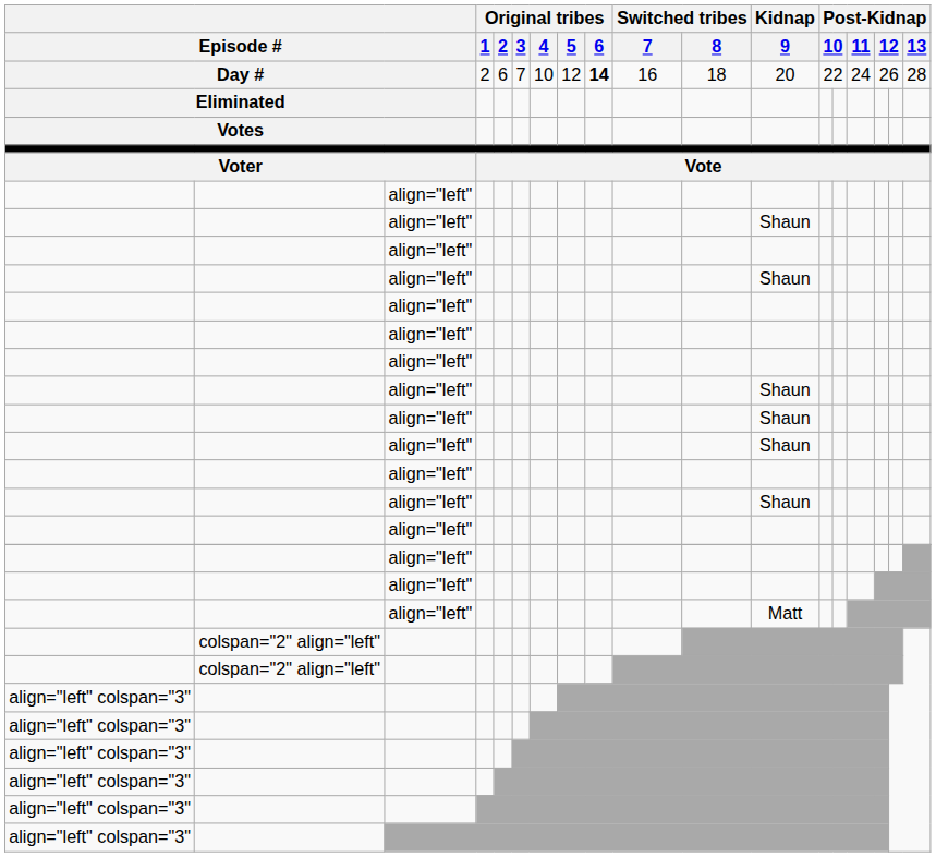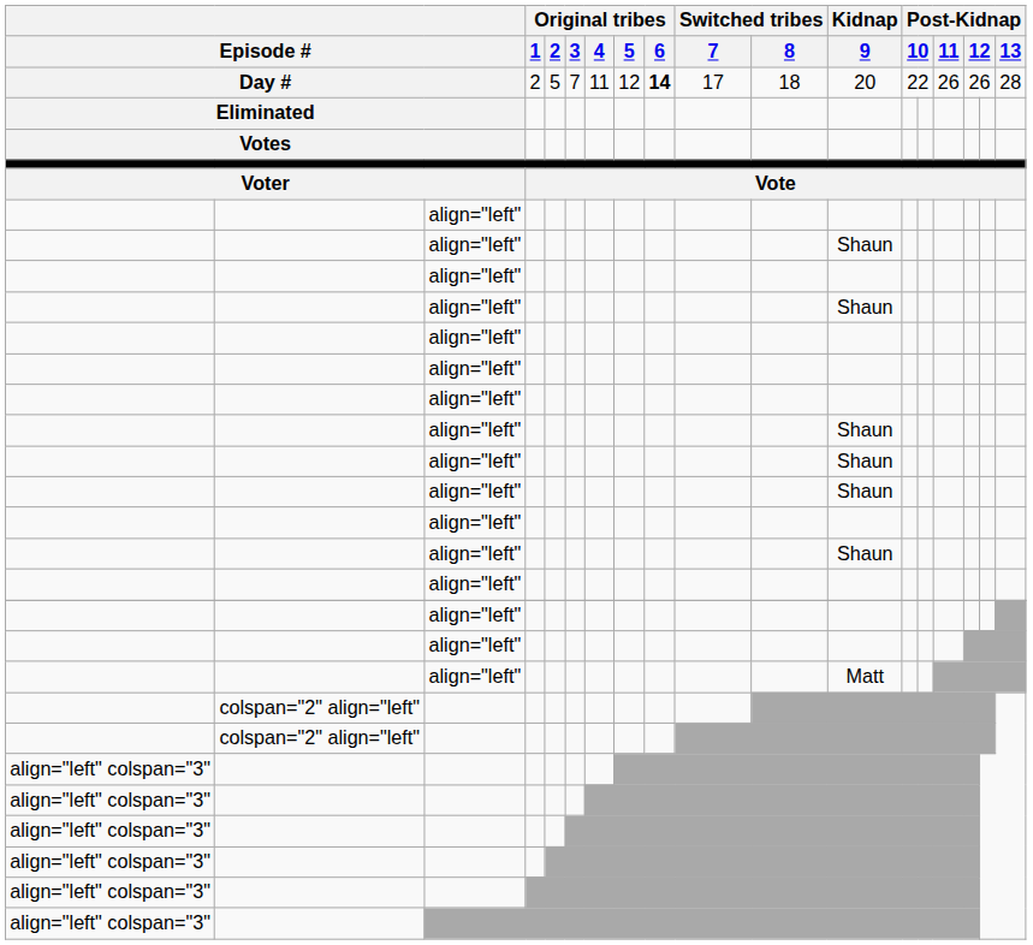 <table class="wikitable nowrap" style="text-align:center;">
 <tr>
 <th colspan="3"></th>
 <th colspan="6">Original tribes</th>
 <th colspan="2">Switched tribes</th>
 <th colspan="1">Kidnap</th>
 <th colspan="6">Post-Kidnap</th>
 </tr>
 <tr>
 <th colspan="3">Episode #</th>
 <th><a href='#'>1</a></th>
 <th><a href='#'>2</a></th>
 <th><a href='#'>3</a></th>
 <th><a href='#'>4</a></th>
 <th><a href='#'>5</a></th>
 <th><a href='#'>6</a></th>
 <th><a href='#'>7</a></th>
 <th><a href='#'>8</a></th>
 <th><a href='#'>9</a></th>
 <th colspan=2><a href='#'>10</a></th>
 <th><a href='#'>11</a></th>
 <th colspan=2><a href='#'>12</a></th>
 <th><a href='#'>13</a></th>
 </tr>
 <tr>
 <th colspan="3">Day #</th>
 <td>2</td>
-<td>6</td>
+<td>5</td>
 <td>7</td>
-<td>10</td>
+<td>11</td>
 <td>12</td>
 <td><strong>14</strong></td>
-<td>16</td>
+<td>17</td>
 <td>18</td>
 <td>20</td>
 <td colspan=2>22</td>
-<td>24</td>
+<td>26</td>
 <td colspan=2>26</td>
 <td>28</td>
 </tr>
 <tr>
 <th colspan="3">Eliminated</th>
 <td></td>
 <td></td>
 <td></td>
 <td></td>
 <td></td>
 <td></td>
 <td></td>
 <td></td>
 <td></td>
 <td></td>
 <td></td>
 <td></td>
 <td></td>
 <td></td>
 <td></td>
 </tr>
 <tr>
 <th colspan="3">Votes</th>
 <td></td>
 <td></td>
 <td></td>
 <td></td>
 <td></td>
 <td></td>
 <td></td>
 <td></td>
 <td></td>
 <td></td>
 <td></td>
 <td></td>
 <td></td>
 <td></td>
 <td></td>
 </tr>
 <tr>
 <td colspan="18" bgcolor="#000000"></td>
 </tr>
 <tr>
 <th colspan="3">Voter</th>
 <th colspan=15>Vote</th>
 </tr>
 <tr>
 <td></td>
 <td></td>
 <td>align="left" </td>
 <td></td>
 <td></td>
 <td></td>
 <td></td>
 <td></td>
 <td></td>
 <td></td>
 <td></td>
 <td></td>
 <td></td>
 <td></td>
 <td></td>
 <td></td>
 <td></td>
 <td></td>
 </tr>
 <tr>
 <td></td>
 <td></td>
 <td>align="left" </td>
 <td></td>
 <td></td>
 <td></td>
 <td></td>
 <td></td>
 <td></td>
 <td></td>
 <td></td>
 <td><span>Shaun</span></td>
 <td></td>
 <td></td>
 <td></td>
 <td></td>
 <td></td>
 <td></td>
 </tr>
 <tr>
 <td></td>
 <td></td>
 <td>align="left" </td>
 <td></td>
 <td></td>
 <td></td>
 <td></td>
 <td></td>
 <td></td>
 <td></td>
 <td></td>
 <td></td>
 <td></td>
 <td></td>
 <td></td>
 <td></td>
 <td></td>
 <td></td>
 </tr>
 <tr>
 <td></td>
 <td></td>
 <td>align="left" </td>
 <td></td>
 <td></td>
 <td></td>
 <td></td>
 <td></td>
 <td></td>
 <td></td>
 <td></td>
 <td><span>Shaun</span></td>
 <td></td>
 <td></td>
 <td></td>
 <td></td>
 <td></td>
 <td></td>
 </tr>
 <tr>
 <td></td>
 <td></td>
 <td>align="left" </td>
 <td></td>
 <td></td>
 <td></td>
 <td></td>
 <td></td>
 <td></td>
 <td></td>
 <td></td>
 <td></td>
 <td></td>
 <td></td>
 <td></td>
 <td></td>
 <td></td>
 <td></td>
 </tr>
 <tr>
 <td></td>
 <td></td>
 <td>align="left" </td>
 <td></td>
 <td></td>
 <td></td>
 <td></td>
 <td></td>
 <td></td>
 <td></td>
 <td></td>
 <td></td>
 <td></td>
 <td></td>
 <td></td>
 <td></td>
 <td></td>
 <td></td>
 </tr>
 <tr>
 <td></td>
 <td></td>
 <td>align="left" </td>
 <td></td>
 <td></td>
 <td></td>
 <td></td>
 <td></td>
 <td></td>
 <td></td>
 <td></td>
 <td></td>
 <td></td>
 <td></td>
 <td></td>
 <td></td>
 <td></td>
 <td></td>
 </tr>
 <tr>
 <td></td>
 <td></td>
 <td>align="left" </td>
 <td></td>
 <td></td>
 <td></td>
 <td></td>
 <td></td>
 <td></td>
 <td></td>
 <td></td>
 <td><span>Shaun</span></td>
 <td></td>
 <td></td>
 <td></td>
 <td></td>
 <td></td>
 <td></td>
 </tr>
 <tr>
 <td></td>
 <td></td>
 <td>align="left" </td>
 <td></td>
 <td></td>
 <td></td>
 <td></td>
 <td></td>
 <td></td>
 <td></td>
 <td></td>
 <td><span>Shaun</span></td>
 <td></td>
 <td></td>
 <td></td>
 <td></td>
 <td></td>
 <td></td>
 </tr>
 <tr>
 <td></td>
 <td></td>
 <td>align="left" </td>
 <td></td>
 <td></td>
 <td></td>
 <td></td>
 <td></td>
 <td></td>
 <td></td>
 <td></td>
 <td><span>Shaun</span></td>
 <td></td>
 <td></td>
 <td></td>
 <td></td>
 <td></td>
 <td></td>
 </tr>
 <tr>
 <td></td>
 <td></td>
 <td>align="left" </td>
 <td></td>
 <td></td>
 <td></td>
 <td></td>
 <td></td>
 <td></td>
 <td></td>
 <td></td>
 <td></td>
 <td></td>
 <td></td>
 <td></td>
 <td></td>
 <td></td>
 <td></td>
 </tr>
 <tr>
 <td></td>
 <td></td>
 <td>align="left" </td>
 <td></td>
 <td></td>
 <td></td>
 <td></td>
 <td></td>
 <td></td>
 <td></td>
 <td></td>
 <td><span>Shaun</span></td>
 <td></td>
 <td></td>
 <td></td>
 <td></td>
 <td></td>
 <td></td>
 </tr>
 <tr>
 <td></td>
 <td></td>
 <td>align="left" </td>
 <td></td>
 <td></td>
 <td></td>
 <td></td>
 <td></td>
 <td></td>
 <td></td>
 <td></td>
 <td></td>
 <td></td>
 <td></td>
 <td></td>
 <td></td>
 <td></td>
 <td></td>
 </tr>
 <tr>
 </tr>
 <tr>
 <td></td>
 <td></td>
 <td>align="left" </td>
 <td></td>
 <td></td>
 <td></td>
 <td></td>
 <td></td>
 <td></td>
 <td></td>
 <td></td>
 <td></td>
 <td></td>
 <td></td>
 <td></td>
 <td></td>
 <td></td>
 <td colspan="1" style="background:darkgrey;"></td>
 </tr>
 <tr>
 <td></td>
 <td></td>
 <td>align="left" </td>
 <td></td>
 <td></td>
 <td></td>
 <td></td>
 <td></td>
 <td></td>
 <td></td>
 <td></td>
 <td></td>
 <td></td>
 <td></td>
 <td></td>
 <td colspan="3" style="background:darkgrey;"></td>
 </tr>
 <tr>
 <td></td>
 <td></td>
 <td>align="left" </td>
 <td></td>
 <td></td>
 <td></td>
 <td></td>
 <td></td>
 <td></td>
 <td></td>
 <td></td>
 <td><span>Matt</span></td>
 <td></td>
 <td></td>
 <td colspan="4" style="background:darkgrey;"></td>
 </tr>
 <tr>
 <td></td>
 <td>colspan="2" align="left" </td>
 <td></td>
 <td></td>
 <td></td>
 <td></td>
 <td></td>
 <td></td>
 <td></td>
 <td></td>
 <td colspan="7" style="background:darkgrey;"></td>
 </tr>
 <tr>
 <td></td>
 <td>colspan="2" align="left" </td>
 <td></td>
 <td></td>
 <td></td>
 <td></td>
 <td></td>
 <td></td>
 <td></td>
 <td colspan="8" style="background:darkgrey;"></td>
 </tr>
 <tr>
 <td>align="left" colspan="3" </td>
 <td></td>
 <td></td>
 <td></td>
 <td></td>
 <td></td>
 <td></td>
 <td colspan="9" style="background:darkgrey;"></td>
 </tr>
 <tr>
 <td>align="left" colspan="3" </td>
 <td></td>
 <td></td>
 <td></td>
 <td></td>
 <td></td>
 <td colspan="10" style="background:darkgrey;"></td>
 </tr>
 <tr>
 <td>align="left" colspan="3" </td>
 <td></td>
 <td></td>
 <td></td>
 <td></td>
 <td colspan="11" style="background:darkgrey;"></td>
 </tr>
 <tr>
 <td>align="left" colspan="3" </td>
 <td></td>
 <td></td>
 <td></td>
 <td colspan="12" style="background:darkgrey;"></td>
 </tr>
 <tr>
 <td>align="left" colspan="3" </td>
 <td></td>
 <td></td>
 <td colspan="13" style="background:darkgrey;"></td>
 </tr>
 <tr>
 <td>align="left" colspan="3" </td>
 <td></td>
 <td colspan="14" style="background:darkgrey;"></td>
 </tr>
 </table>
